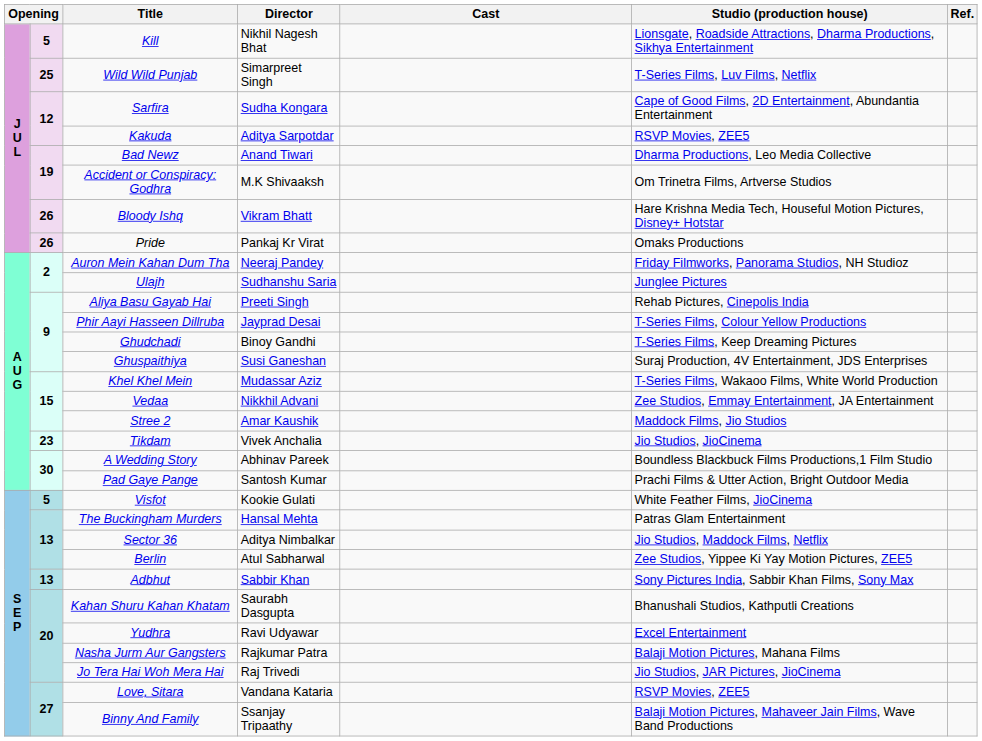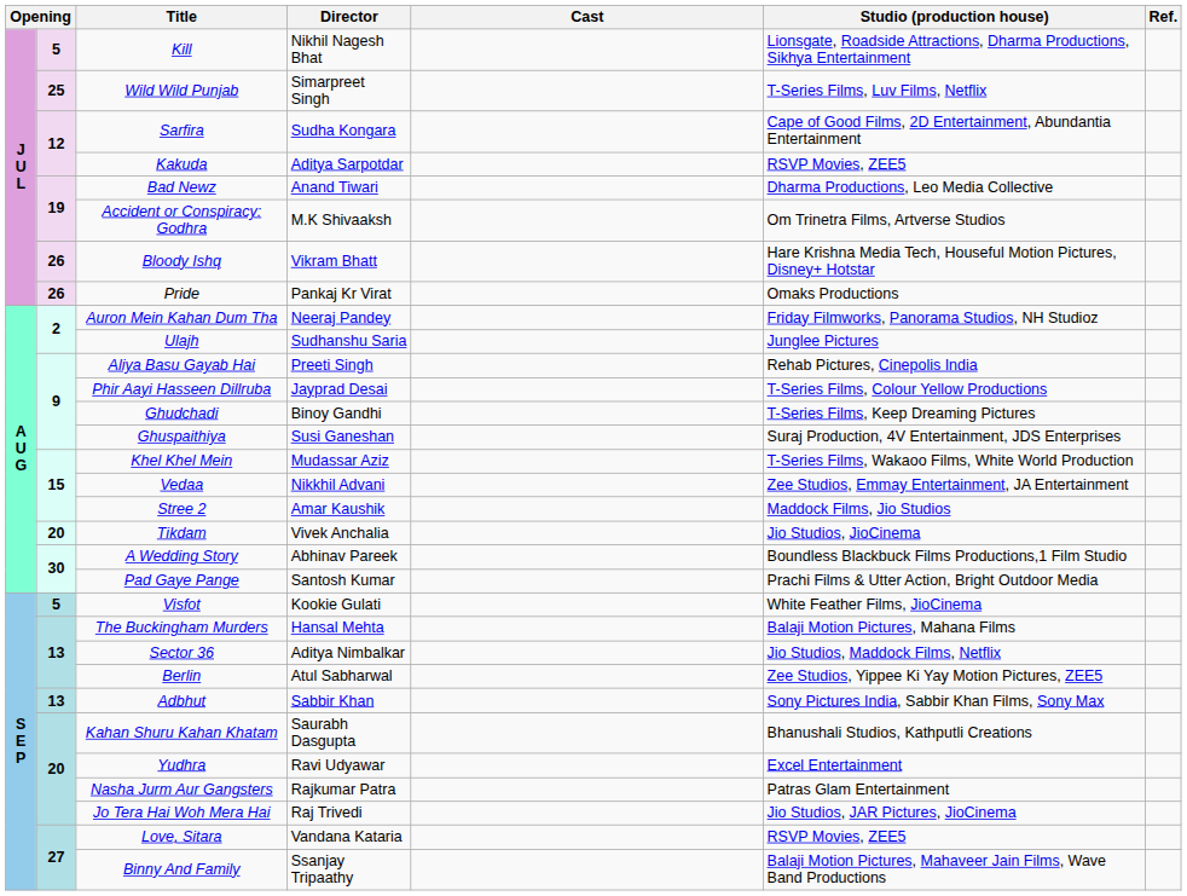 <table class="wikitable">
 <tr>
 <th colspan="2" style="width:6%;"><strong>Opening</strong></th>
 <th style="width:18%;"><strong>Title</strong></th>
 <th style="width:10.5%;"><strong>Director</strong></th>
 <th style="width:30%;"><strong>Cast</strong></th>
 <th>Studio (production house)</th>
 <th>Ref.</th>
 </tr>
 <tr>
 <td rowspan="8" style="text-align:center; background:plum; textcolor:#000;"><strong>J<br>U<br>L</strong></td>
 <td style="text-align:center;background:#f1daf1;"><strong>5</strong></td>
 <td style="text-align:center;"><em><a href='#'>Kill</a></em></td>
 <td>Nikhil Nagesh Bhat</td>
 <td></td>
 <td><a href='#'>Lionsgate</a>, <a href='#'>Roadside Attractions</a>, <a href='#'>Dharma Productions</a>, <a href='#'>Sikhya Entertainment</a></td>
 <td></td>
 </tr>
 <tr>
 <td style="text-align:center;background:#f1daf1;"><strong>25</strong></td>
 <td style="text-align:center;"><em><a href='#'>Wild Wild Punjab</a></em></td>
 <td>Simarpreet Singh</td>
 <td></td>
 <td><a href='#'>T-Series Films</a>, <a href='#'>Luv Films</a>, <a href='#'>Netflix</a></td>
 <td></td>
 </tr>
 <tr>
 <td rowspan="2" style="text-align:center;background:#f1daf1;"><strong>12</strong></td>
 <td style="text-align:center;"><em><a href='#'>Sarfira</a></em></td>
 <td><a href='#'>Sudha Kongara</a></td>
 <td></td>
 <td><a href='#'>Cape of Good Films</a>, <a href='#'>2D Entertainment</a>, Abundantia Entertainment</td>
 <td></td>
 </tr>
 <tr>
 <td style="text-align:center;"><em><a href='#'>Kakuda</a></em></td>
 <td><a href='#'>Aditya Sarpotdar</a></td>
 <td></td>
 <td><a href='#'>RSVP Movies</a>, <a href='#'>ZEE5</a></td>
 <td></td>
 </tr>
 <tr>
 <td rowspan="2" style="text-align:center;background:#f1daf1;"><strong>19</strong></td>
 <td style="text-align:center;"><em><a href='#'>Bad Newz</a></em></td>
 <td><a href='#'>Anand Tiwari</a></td>
 <td></td>
 <td><a href='#'>Dharma Productions</a>, Leo Media Collective</td>
 <td></td>
 </tr>
 <tr>
 <td style="text-align:center;"><em><a href='#'>Accident or Conspiracy: Godhra</a></em></td>
 <td>M.K Shivaaksh</td>
 <td></td>
 <td>Om  Trinetra Films, Artverse Studios</td>
 <td></td>
 </tr>
 <tr>
 <td style="text-align:center;background:#f1daf1;"><strong>26</strong></td>
 <td style="text-align:center;"><em><a href='#'>Bloody Ishq</a></em></td>
 <td><a href='#'>Vikram Bhatt</a></td>
 <td></td>
 <td>Hare Krishna Media Tech, Houseful Motion Pictures, <a href='#'>Disney+ Hotstar</a></td>
 <td></td>
 </tr>
 <tr>
 <td style="text-align:center;background:#f1daf1;"><strong>26</strong></td>
 <td style="text-align:center;"><em>Pride</em></td>
 <td>Pankaj Kr Virat</td>
 <td></td>
 <td>Omaks Productions</td>
 <td></td>
 </tr>
 <tr>
 <td rowspan="12" style="text-align:center; background:#7FFFD4; textcolor:#000;"><strong>A<br>U<br>G</strong></td>
 <td rowspan="2" style="text-align:center; background:#dbfff8; textcolor:#000;"><strong>2</strong></td>
 <td style="text-align:center;"><em><a href='#'>Auron Mein Kahan Dum Tha</a></em></td>
 <td><a href='#'>Neeraj Pandey</a></td>
 <td></td>
 <td><a href='#'>Friday Filmworks</a>, <a href='#'>Panorama Studios</a>, NH Studioz</td>
 <td></td>
 </tr>
 <tr>
 <td style="text-align:center;"><em><a href='#'>Ulajh</a></em></td>
 <td><a href='#'>Sudhanshu Saria</a></td>
 <td></td>
 <td><a href='#'>Junglee Pictures</a></td>
 <td></td>
 </tr>
 <tr>
 <td rowspan="4" style="text-align:center; background:#dbfff8; textcolor:#000;"><strong>9</strong></td>
 <td style="text-align:center;"><em><a href='#'>Aliya Basu Gayab Hai</a></em></td>
 <td><a href='#'>Preeti Singh</a></td>
 <td></td>
 <td>Rehab Pictures, <a href='#'>Cinepolis India</a></td>
 <td></td>
 </tr>
 <tr>
 <td style="text-align:center;"><em><a href='#'>Phir Aayi Hasseen Dillruba</a></em></td>
 <td><a href='#'>Jayprad Desai</a></td>
 <td></td>
 <td><a href='#'>T-Series Films</a>, <a href='#'>Colour Yellow Productions</a></td>
 <td></td>
 </tr>
 <tr>
 <td style="text-align:center;"><em><a href='#'>Ghudchadi</a></em></td>
 <td>Binoy Gandhi</td>
 <td></td>
 <td><a href='#'>T-Series Films</a>, Keep Dreaming Pictures</td>
 <td></td>
 </tr>
 <tr>
 <td style="text-align:center;"><em><a href='#'>Ghuspaithiya</a></em></td>
 <td><a href='#'>Susi Ganeshan</a></td>
 <td></td>
 <td>Suraj Production, 4V Entertainment, JDS Enterprises</td>
 <td></td>
 </tr>
 <tr>
 <td rowspan="3" style="text-align:center; background:#dbfff8; textcolor:#000;"><strong>15</strong></td>
 <td style="text-align:center;"><em><a href='#'>Khel Khel Mein</a></em></td>
 <td><a href='#'>Mudassar Aziz</a></td>
 <td></td>
 <td><a href='#'>T-Series Films</a>, Wakaoo Films, White World Production</td>
 <td></td>
 </tr>
 <tr>
 <td style="text-align:center;"><em><a href='#'>Vedaa</a></em></td>
 <td><a href='#'>Nikkhil Advani</a></td>
 <td></td>
 <td><a href='#'>Zee Studios</a>, <a href='#'>Emmay Entertainment</a>, JA Entertainment</td>
 <td></td>
 </tr>
 <tr>
 <td style="text-align:center;"><em><a href='#'>Stree 2</a></em></td>
 <td><a href='#'>Amar Kaushik</a></td>
 <td></td>
 <td><a href='#'>Maddock Films</a>, <a href='#'>Jio Studios</a></td>
 <td></td>
 </tr>
 <tr>
-<td style="text-align:center; background:#dbfff8; textcolor:#000;"><strong>23</strong></td>
+<td style="text-align:center; background:#dbfff8; textcolor:#000;"><strong>20</strong></td>
 <td style="text-align:center;"><em><a href='#'>Tikdam</a></em></td>
 <td>Vivek Anchalia</td>
 <td></td>
 <td><a href='#'>Jio Studios</a>, <a href='#'>JioCinema</a></td>
 <td></td>
 </tr>
 <tr>
 <td rowspan="2" style="text-align:center; background:#dbfff8; textcolor:#000;"><strong>30</strong></td>
 <td style="text-align:center;"><em><a href='#'>A Wedding Story</a></em></td>
 <td>Abhinav Pareek</td>
 <td></td>
 <td>Boundless Blackbuck Films Productions,1 Film Studio</td>
 <td></td>
 </tr>
 <tr>
 <td style="text-align:center;"><em><a href='#'>Pad Gaye Pange</a></em></td>
 <td>Santosh Kumar</td>
 <td></td>
 <td>Prachi Films & Utter Action, Bright Outdoor Media</td>
 <td></td>
 </tr>
 <tr>
 <td rowspan="13" style="text-align:center; background:#93CCEA; textcolor:#000;"><strong>S<br>E<br>P</strong></td>
 <td style="text-align:center;background:#B0E0E6;"><strong>5</strong></td>
 <td style="text-align:center;"><em><a href='#'>Visfot</a></em></td>
 <td>Kookie Gulati</td>
 <td></td>
 <td>White Feather Films, <a href='#'>JioCinema</a></td>
 <td></td>
 </tr>
 <tr>
 <td rowspan="3" style="text-align:center;background:#B0E0E6;"><strong>13</strong></td>
 <td style="text-align:center;"><em><a href='#'>The Buckingham Murders</a></em></td>
 <td><a href='#'>Hansal Mehta</a></td>
 <td></td>
-<td>Patras Glam Entertainment</td>
+<td><a href='#'>Balaji Motion Pictures</a>, Mahana Films</td>
 <td></td>
 </tr>
 <tr>
 <td style="text-align:center;"><em><a href='#'>Sector 36</a></em></td>
 <td>Aditya Nimbalkar</td>
 <td></td>
 <td><a href='#'>Jio Studios</a>, <a href='#'>Maddock Films</a>, <a href='#'>Netflix</a></td>
 <td></td>
 </tr>
 <tr>
 <td style="text-align:center;"><em><a href='#'>Berlin</a></em></td>
 <td>Atul Sabharwal</td>
 <td></td>
 <td><a href='#'>Zee Studios</a>, Yippee Ki Yay Motion Pictures, <a href='#'>ZEE5</a></td>
 <td></td>
 </tr>
 <tr>
 <td style="text-align:center;background:#B0E0E6;"><strong>13</strong></td>
 <td style="text-align:center;"><em><a href='#'>Adbhut</a></em></td>
 <td><a href='#'>Sabbir Khan</a></td>
 <td></td>
 <td><a href='#'>Sony Pictures India</a>, Sabbir Khan Films, <a href='#'>Sony Max</a></td>
 <td></td>
 </tr>
 <tr>
 <td rowspan="4" style="text-align:center;background:#B0E0E6;"><strong>20</strong></td>
 <td style="text-align:center;"><em><a href='#'>Kahan Shuru Kahan Khatam</a></em></td>
 <td>Saurabh Dasgupta</td>
 <td></td>
 <td>Bhanushali Studios, Kathputli Creations</td>
 <td></td>
 </tr>
 <tr>
 <td style="text-align:center;"><em><a href='#'>Yudhra</a></em></td>
 <td>Ravi Udyawar</td>
 <td></td>
 <td><a href='#'>Excel Entertainment</a></td>
 <td></td>
 </tr>
 <tr>
 <td style="text-align:center;"><em><a href='#'>Nasha Jurm Aur Gangsters</a></em></td>
 <td>Rajkumar Patra</td>
 <td></td>
-<td><a href='#'>Balaji Motion Pictures</a>, Mahana Films</td>
+<td>Patras Glam Entertainment</td>
 <td></td>
 </tr>
 <tr>
 <td style="text-align:center;"><em><a href='#'>Jo Tera Hai Woh Mera Hai</a></em></td>
 <td>Raj Trivedi</td>
 <td></td>
 <td><a href='#'>Jio Studios</a>, <a href='#'>JAR Pictures</a>, <a href='#'>JioCinema</a></td>
 <td></td>
 </tr>
 <tr>
 <td rowspan="2" style="text-align:center;background:#B0E0E6;"><strong>27</strong></td>
 <td style="text-align:center;"><em><a href='#'>Love, Sitara</a></em></td>
 <td>Vandana Kataria</td>
 <td></td>
 <td><a href='#'>RSVP Movies</a>, <a href='#'>ZEE5</a></td>
 <td></td>
 </tr>
 <tr>
 <td style="text-align:center;"><em><a href='#'>Binny And Family</a></em></td>
 <td>Ssanjay Tripaathy</td>
 <td></td>
 <td><a href='#'>Balaji Motion Pictures</a>, <a href='#'>Mahaveer Jain Films</a>, Wave Band Productions</td>
 <td></td>
 </tr>
 </table>
